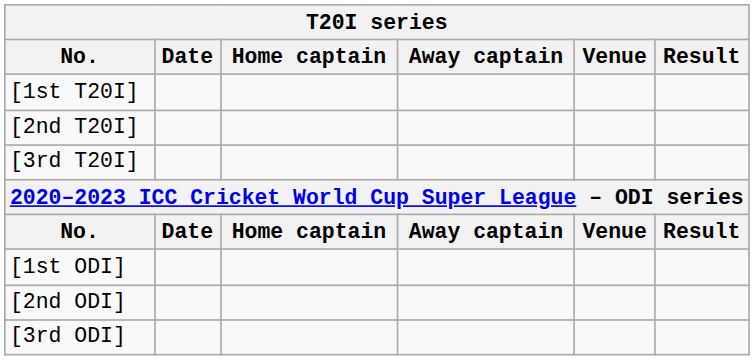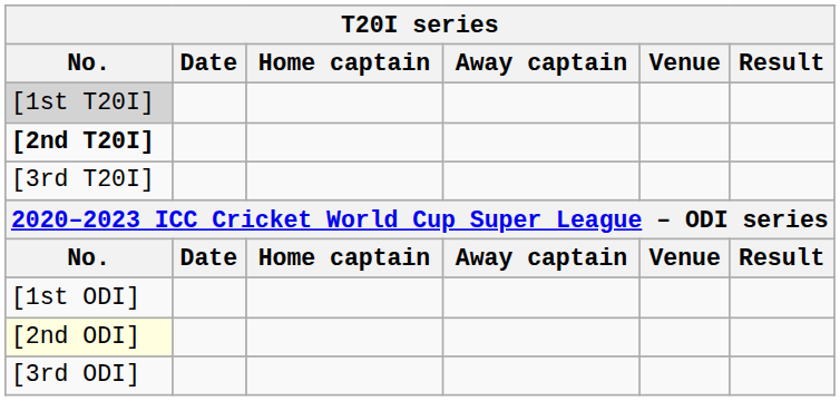 <table class="wikitable">
 <tr>
 <th colspan="9">T20I series</th>
 </tr>
 <tr>
 <th>No.</th>
 <th>Date</th>
 <th>Home captain</th>
 <th>Away captain</th>
 <th>Venue</th>
 <th>Result</th>
 </tr>
 <tr>
-<td>[1st T20I]</td>
+<td style="background: lightgrey;">[1st T20I]</td>
 <td></td>
 <td></td>
 <td></td>
 <td></td>
 <td></td>
 </tr>
 <tr>
-<td>[2nd T20I]</td>
+<td><strong>[2nd T20I]</strong></td>
 <td></td>
 <td></td>
 <td></td>
 <td></td>
 <td></td>
 </tr>
 <tr>
 <td>[3rd T20I]</td>
 <td></td>
 <td></td>
 <td></td>
 <td></td>
 <td></td>
 </tr>
 <tr>
 <th colspan="9"><a href='#'>2020–2023 ICC Cricket World Cup Super League</a> – ODI series</th>
 </tr>
 <tr>
 <th>No.</th>
 <th>Date</th>
 <th>Home captain</th>
 <th>Away captain</th>
 <th>Venue</th>
 <th>Result</th>
 </tr>
 <tr>
 <td>[1st ODI]</td>
 <td></td>
 <td></td>
 <td></td>
 <td></td>
 <td></td>
 </tr>
 <tr>
-<td>[2nd ODI]</td>
+<td style="background: lightyellow;">[2nd ODI]</td>
 <td></td>
 <td></td>
 <td></td>
 <td></td>
 <td></td>
 </tr>
 <tr>
 <td>[3rd ODI]</td>
 <td></td>
 <td></td>
 <td></td>
 <td></td>
 <td></td>
 </tr>
 </table>
